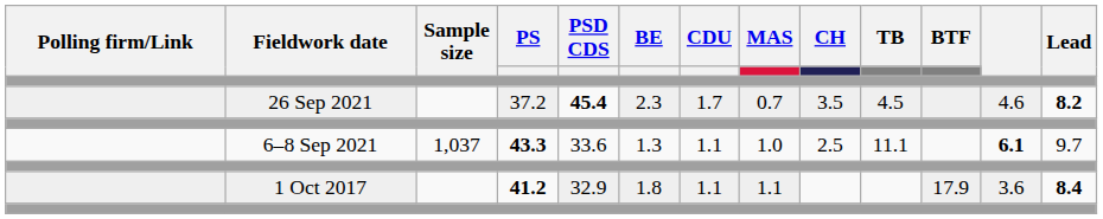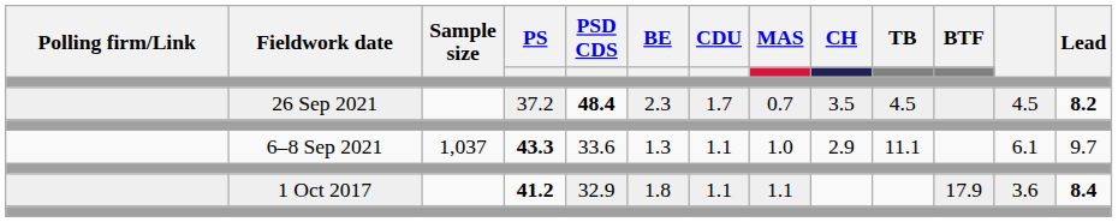 <table class="wikitable sortable mw-datatable" style="text-align:center;font-size:90%;line-height:16px;">
 <tr style="height:42px;">
 <th style="width:145px;" rowspan="2">Polling firm/Link</th>
 <th style="width:125px;" rowspan="2">Fieldwork date</th>
 <th class="unsortable" style="width:50px;" rowspan="2">Sample size</th>
 <th class="unsortable" style="width:35px;"><a href='#'>PS</a></th>
 <th class="unsortable" style="width:35px;"><a href='#'>PSD</a><br><a href='#'>CDS</a></th>
 <th class="unsortable" style="width:35px;"><a href='#'>BE</a></th>
 <th class="unsortable" style="width:35px;"><a href='#'>CDU</a></th>
 <th class="unsortable" style="width:35px;"><a href='#'>MAS</a></th>
 <th class="unsortable" style="width:35px;"><a href='#'>CH</a></th>
 <th class="unsortable" style="width:35px;">TB</th>
 <th class="unsortable" style="width:35px;">BTF</th>
 <th class="unsortable" style="width:35px;" rowspan="2"></th>
 <th class="unsortable" style="width:30px;" rowspan="2">Lead</th>
 </tr>
 <tr>
 <th class="unsortable" style="color:inherit;background:"></th>
 <th class="unsortable" style="color:inherit;background:"></th>
 <th class="unsortable" style="color:inherit;background:"></th>
 <th class="unsortable" style="color:inherit;background:"></th>
 <th class="unsortable" style="color:inherit;background:crimson;"></th>
 <th class="sortable" style="background:#202056;"></th>
 <th class="sortable" style="background:gray;"></th>
 <th class="sortable" style="background:gray;"></th>
 </tr>
 <tr>
 <td colspan="14" style="background:#A0A0A0"></td>
 </tr>
 <tr>
 <td style="background:#EFEFEF;"><strong></strong></td>
 <td style="background:#EFEFEF;" data-sort-value="2019-10-06">26 Sep 2021</td>
 <td></td>
 <td style="background:#EFEFEF;">37.2<br></td>
-<td><strong>45.4</strong><br></td>
+<td><strong>48.4</strong><br></td>
 <td style="background:#EFEFEF;">2.3<br></td>
 <td style="background:#EFEFEF;">1.7<br></td>
 <td style="background:#EFEFEF;">0.7<br></td>
 <td style="background:#EFEFEF;">3.5<br></td>
 <td style="background:#EFEFEF;">4.5<br></td>
 <td style="background:#EFEFEF;"></td>
-<td style="background:#EFEFEF;">4.6</td>
+<td style="background:#EFEFEF;">4.5</td>
 <td style="background:"><strong>8.2</strong></td>
 </tr>
 <tr>
 <td colspan="14" style="background:#A0A0A0"></td>
 </tr>
 <tr>
 <td align="center"><br></td>
 <td align="center">6–8 Sep 2021</td>
 <td>1,037</td>
 <td align="center" ><strong>43.3</strong><br></td>
 <td align="center">33.6<br></td>
 <td align="center">1.3<br></td>
 <td align="center">1.1<br></td>
 <td align="center">1.0<br></td>
-<td align="center">2.5<br></td>
+<td align="center">2.9<br></td>
 <td align="center">11.1<br></td>
 <td align="center"></td>
-<td align="center"><strong>6.1</strong></td>
+<td align="center">6.1</td>
 <td style="background:">9.7</td>
 </tr>
 <tr>
 <td colspan="14" style="background:#A0A0A0"></td>
 </tr>
 <tr>
 <td style="background:#EFEFEF;"><strong></strong></td>
 <td style="background:#EFEFEF;" data-sort-value="2019-10-06">1 Oct 2017</td>
 <td></td>
 <td><strong>41.2</strong><br></td>
 <td style="background:#EFEFEF;">32.9<br></td>
 <td style="background:#EFEFEF;">1.8<br></td>
 <td style="background:#EFEFEF;">1.1<br></td>
 <td style="background:#EFEFEF;">1.1<br></td>
 <td></td>
 <td></td>
 <td style="background:#EFEFEF;">17.9<br></td>
 <td style="background:#EFEFEF;">3.6</td>
 <td style="background:"><strong>8.4</strong></td>
 </tr>
 <tr>
 <td colspan="14" style="background:#A0A0A0"></td>
 </tr>
 </table>
